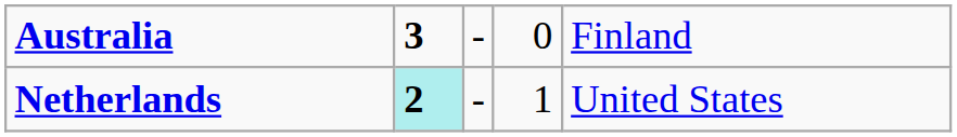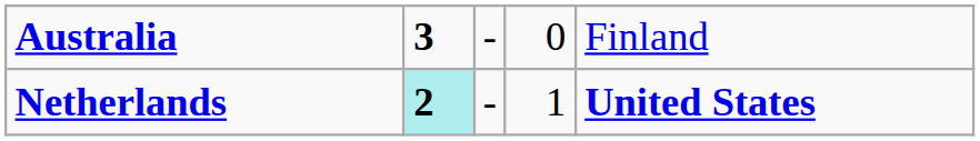 <table class="wikitable">
 <tr>
 <td width=150> <strong><a href='#'>Australia</a></strong></td>
 <td style="width:20px; text-align:left;"><strong>3</strong></td>
 <td>-</td>
 <td style="width:20px; text-align:right;">0</td>
 <td width=150> <a href='#'>Finland</a></td>
 </tr>
 <tr>
 <td> <strong><a href='#'>Netherlands</a></strong></td>
 <td style="background: paleturquoise; text-align:left;"><strong>2</strong></td>
 <td>-</td>
 <td style="text-align:right;">1</td>
-<td> <a href='#'>United States</a></td>
+<td><strong> <a href='#'>United States</a></strong></td>
 </tr>
 </table>
